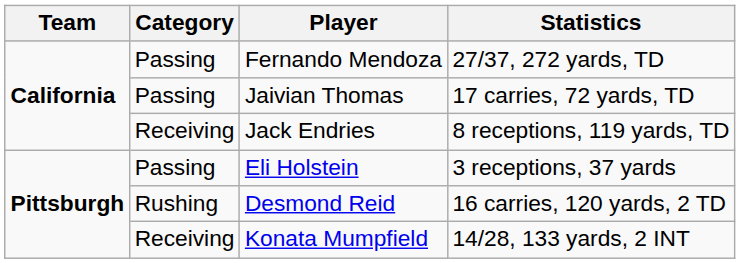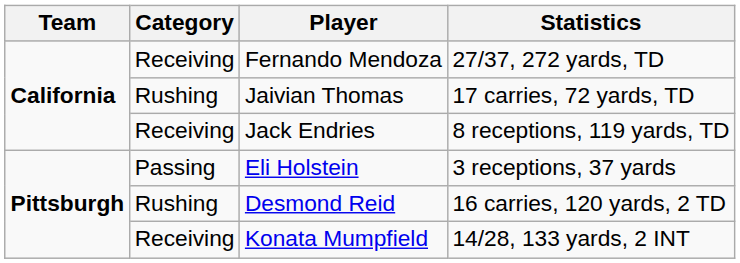 <table class="wikitable" style="float: right;">
 <tr>
 <th>Team</th>
 <th>Category</th>
 <th>Player</th>
 <th>Statistics</th>
 </tr>
 <tr>
 <td rowspan=3><strong>California</strong></td>
-<td>Passing</td>
+<td>Receiving</td>
 <td>Fernando Mendoza</td>
 <td>27/37, 272 yards, TD</td>
 </tr>
 <tr>
-<td>Passing</td>
+<td>Rushing</td>
 <td>Jaivian Thomas</td>
 <td>17 carries, 72 yards, TD</td>
 </tr>
 <tr>
 <td>Receiving</td>
 <td>Jack Endries</td>
 <td>8 receptions, 119 yards, TD</td>
 </tr>
 <tr>
 <td rowspan=3><strong>Pittsburgh</strong></td>
 <td>Passing</td>
 <td><a href='#'>Eli Holstein</a></td>
 <td>3 receptions, 37 yards</td>
 </tr>
 <tr>
 <td>Rushing</td>
 <td><a href='#'>Desmond Reid</a></td>
 <td>16 carries, 120 yards, 2 TD</td>
 </tr>
 <tr>
 <td>Receiving</td>
 <td><a href='#'>Konata Mumpfield</a></td>
 <td>14/28, 133 yards, 2 INT</td>
 </tr>
 </table>
